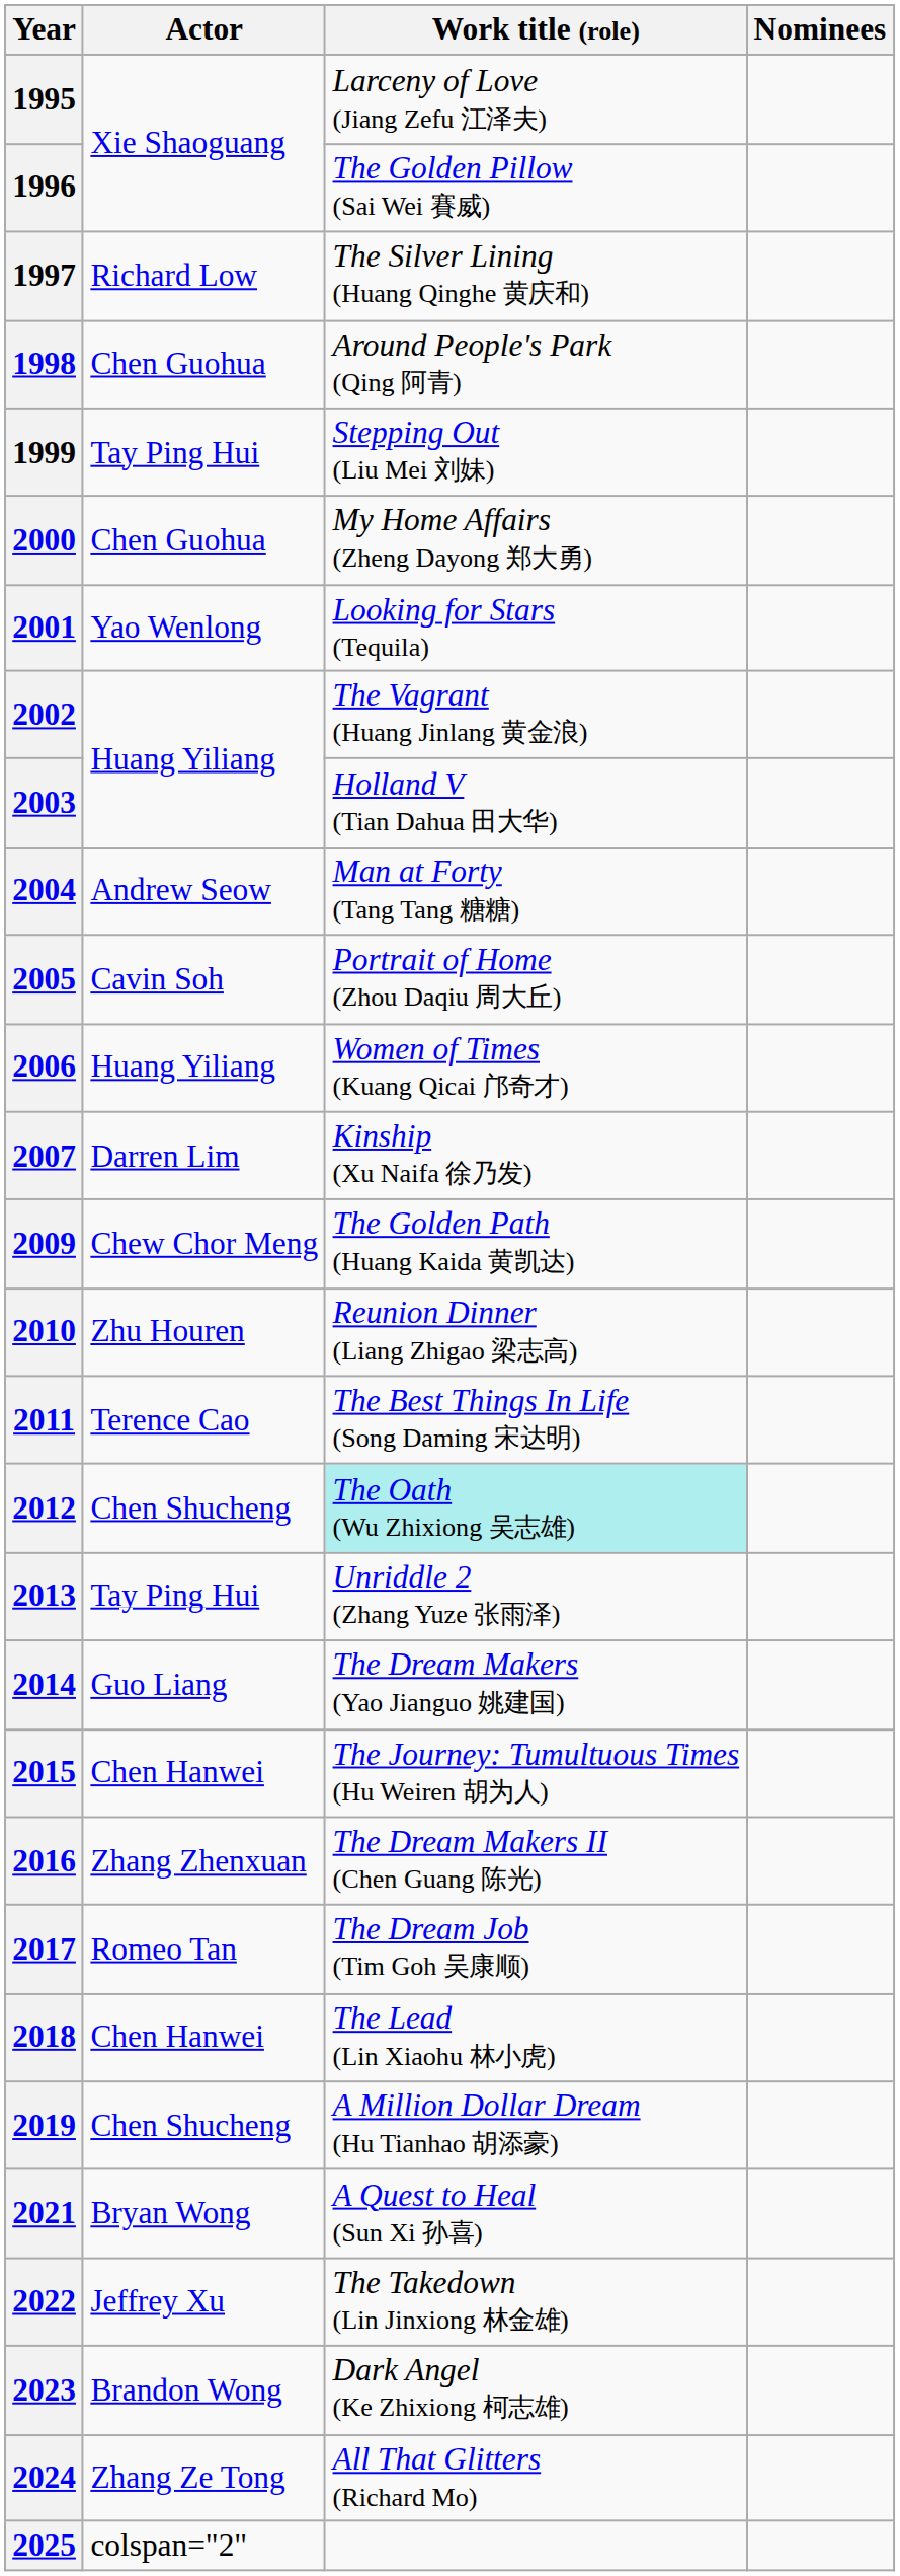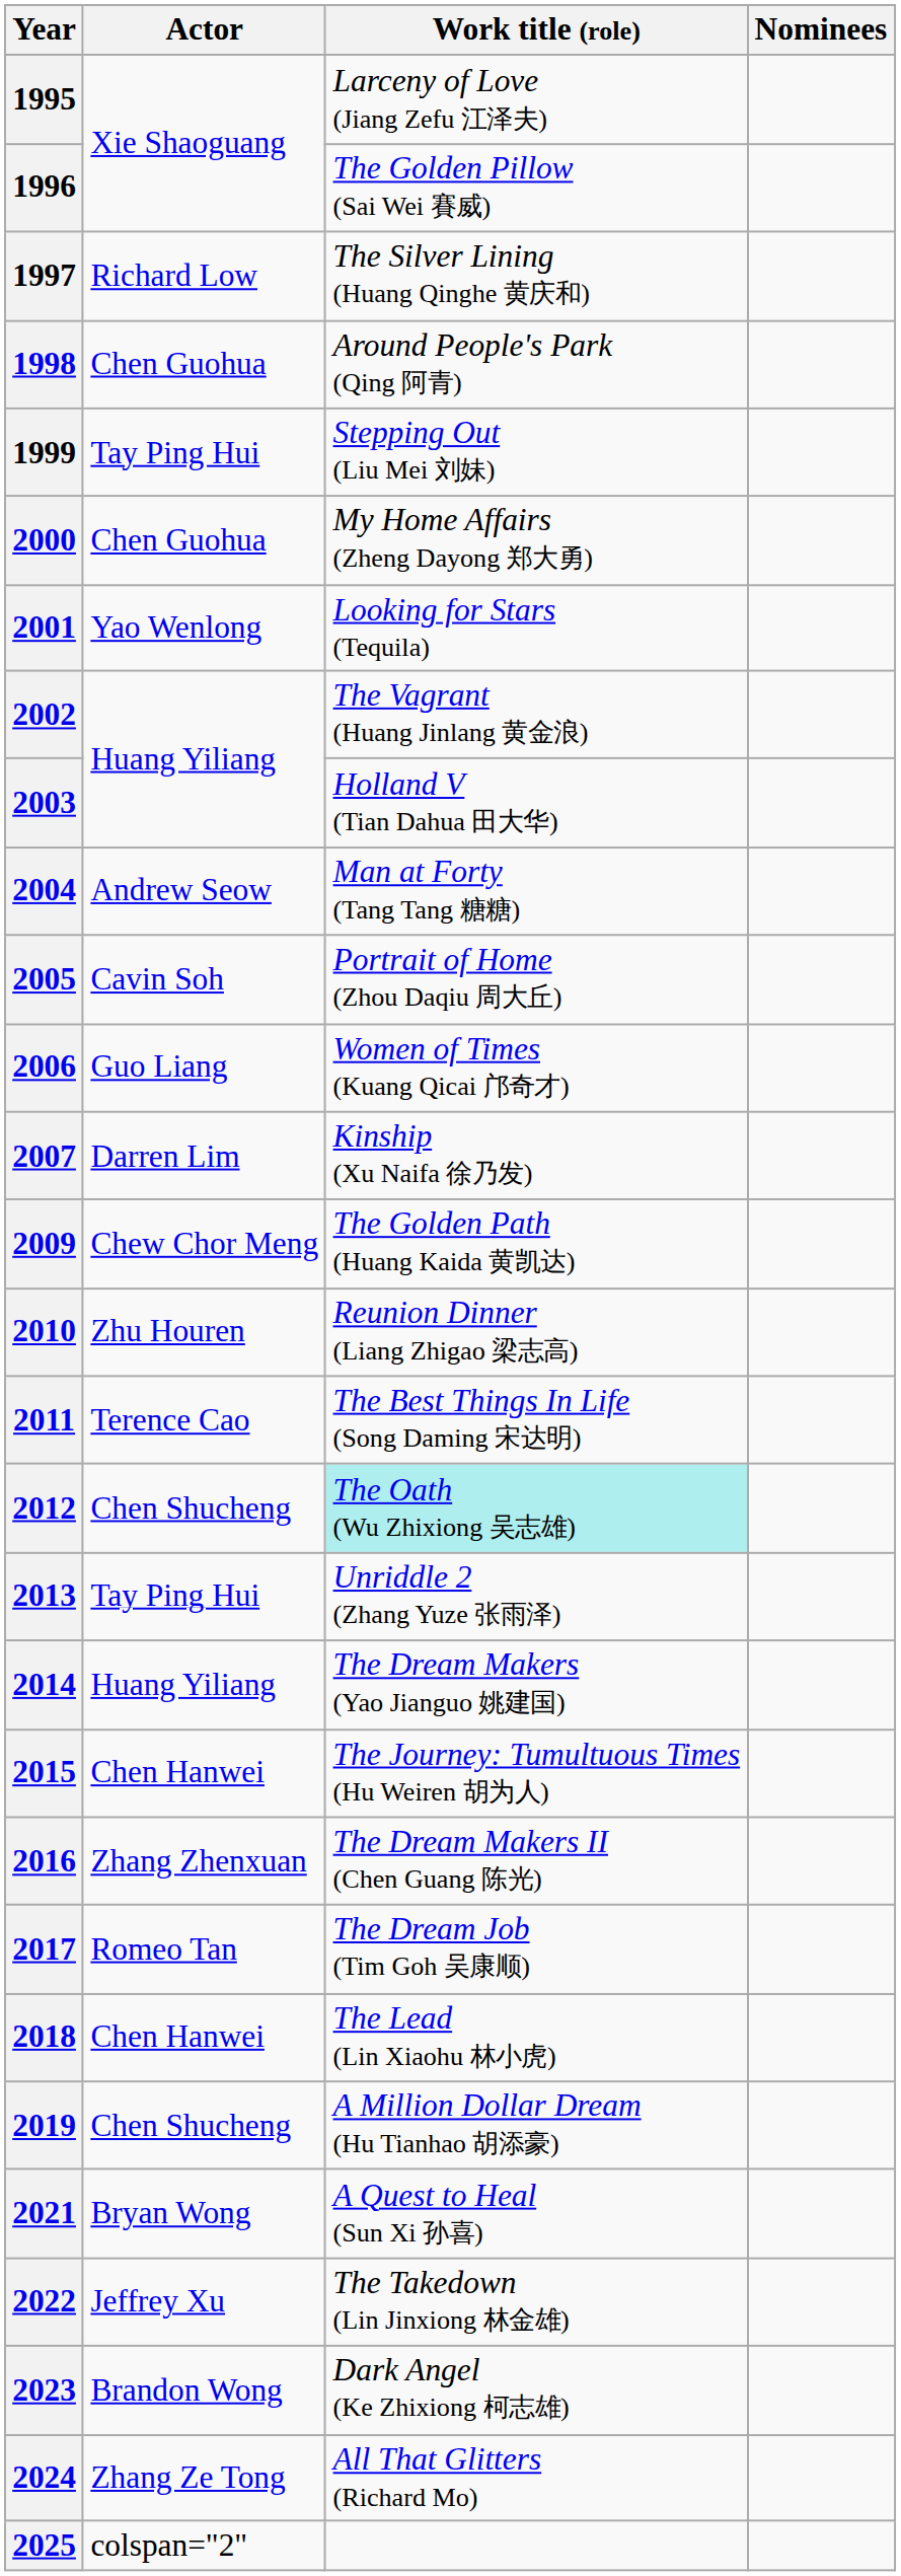 <table class="wikitable sortable">
 <tr>
 <th>Year</th>
 <th>Actor</th>
 <th>Work title <small>(role)</small></th>
 <th>Nominees</th>
 </tr>
 <tr>
 <th scope="row">1995</th>
 <td rowspan=2><a href='#'>Xie Shaoguang</a></td>
 <td><em>Larceny of Love </em><br><small>(Jiang Zefu 江泽夫)</small></td>
 <td></td>
 </tr>
 <tr>
 <th scope="row">1996</th>
 <td><em><a href='#'>The Golden Pillow</a> </em><br><small>(Sai Wei 賽威)</small></td>
 <td></td>
 </tr>
 <tr>
 <th scope="row">1997</th>
 <td><a href='#'>Richard Low</a></td>
 <td><em>The Silver Lining </em><br><small>(Huang Qinghe 黄庆和)</small></td>
 <td></td>
 </tr>
 <tr>
 <th scope="row"><a href='#'>1998</a></th>
 <td><a href='#'>Chen Guohua</a></td>
 <td><em>Around People's Park </em><br><small>(Qing 阿青)</small></td>
 <td></td>
 </tr>
 <tr>
 <th scope="row">1999</th>
 <td><a href='#'>Tay Ping Hui</a></td>
 <td><em><a href='#'>Stepping Out</a></em><br><small>(Liu Mei 刘妹)</small></td>
 <td></td>
 </tr>
 <tr>
 <th scope="row"><a href='#'>2000</a></th>
 <td><a href='#'>Chen Guohua</a></td>
 <td><em>My Home Affairs </em><br><small>(Zheng Dayong 郑大勇)</small></td>
 <td></td>
 </tr>
 <tr>
 <th scope="row"><a href='#'>2001</a></th>
 <td><a href='#'>Yao Wenlong</a></td>
 <td><em><a href='#'>Looking for Stars</a> </em><br><small>(Tequila)</small></td>
 <td></td>
 </tr>
 <tr>
 <th scope="row"><a href='#'>2002</a></th>
 <td rowspan=2><a href='#'>Huang Yiliang</a></td>
 <td><em><a href='#'>The Vagrant</a> </em><br><small>(Huang Jinlang 黄金浪)</small></td>
 <td></td>
 </tr>
 <tr>
 <th scope="row"><a href='#'>2003</a></th>
 <td><em><a href='#'>Holland V</a> </em><br><small>(Tian Dahua 田大华)</small></td>
 <td></td>
 </tr>
 <tr>
 <th scope="row"><a href='#'>2004</a></th>
 <td><a href='#'>Andrew Seow</a></td>
 <td><em><a href='#'>Man at Forty</a></em><br><small>(Tang Tang 糖糖)</small></td>
 <td></td>
 </tr>
 <tr>
 <th scope="row"><a href='#'>2005</a></th>
 <td><a href='#'>Cavin Soh</a></td>
 <td><em><a href='#'>Portrait of Home</a> </em><br><small>(Zhou Daqiu 周大丘)</small></td>
 <td></td>
 </tr>
 <tr>
 <th scope="row"><a href='#'>2006</a></th>
-<td><a href='#'>Huang Yiliang</a></td>
+<td><a href='#'>Guo Liang</a></td>
 <td><em><a href='#'>Women of Times</a> </em><br><small>(Kuang Qicai 邝奇才)</small></td>
 <td></td>
 </tr>
 <tr>
 <th scope="row"><a href='#'>2007</a></th>
 <td><a href='#'>Darren Lim</a></td>
 <td><em><a href='#'>Kinship</a> </em><br><small>(Xu Naifa 徐乃发)</small></td>
 <td></td>
 </tr>
 <tr>
 <th scope="row"><a href='#'>2009</a></th>
 <td><a href='#'>Chew Chor Meng</a></td>
 <td><em><a href='#'>The Golden Path</a> </em><br><small>(Huang Kaida 黄凯达)</small></td>
 <td></td>
 </tr>
 <tr>
 <th scope="row"><a href='#'>2010</a></th>
 <td><a href='#'>Zhu Houren</a></td>
 <td><em><a href='#'>Reunion Dinner</a> </em><br><small>(Liang Zhigao 梁志高)</small></td>
 <td></td>
 </tr>
 <tr>
 <th scope="row"><a href='#'>2011</a></th>
 <td><a href='#'>Terence Cao</a></td>
 <td><em><a href='#'>The Best Things In Life</a> </em><br><small>(Song Daming 宋达明)</small></td>
 <td></td>
 </tr>
 <tr>
 <th scope="row"><a href='#'>2012</a></th>
 <td><a href='#'>Chen Shucheng</a></td>
 <td style="background: paleturquoise;"><em><a href='#'>The Oath</a></em><br><small>(Wu Zhixiong 吴志雄)</small></td>
 <td></td>
 </tr>
 <tr>
 <th scope="row"><a href='#'>2013</a></th>
 <td><a href='#'>Tay Ping Hui</a></td>
 <td><em><a href='#'>Unriddle 2</a> </em><br><small>(Zhang Yuze 张雨泽)</small></td>
 <td></td>
 </tr>
 <tr>
 <th scope="row"><a href='#'>2014</a></th>
-<td><a href='#'>Guo Liang</a></td>
+<td><a href='#'>Huang Yiliang</a></td>
 <td><em><a href='#'>The Dream Makers</a> </em><br><small>(Yao Jianguo 姚建国)</small></td>
 <td></td>
 </tr>
 <tr>
 <th scope="row"><a href='#'>2015</a></th>
 <td><a href='#'>Chen Hanwei</a></td>
 <td><em><a href='#'>The Journey: Tumultuous Times</a></em><br><small>(Hu Weiren 胡为人)</small></td>
 <td></td>
 </tr>
 <tr>
 <th scope="row"><a href='#'>2016</a></th>
 <td><a href='#'>Zhang Zhenxuan</a></td>
 <td><em><a href='#'>The Dream Makers II</a> </em><br><small>(Chen Guang 陈光)</small></td>
 <td></td>
 </tr>
 <tr>
 <th scope="row"><a href='#'>2017</a></th>
 <td><a href='#'>Romeo Tan</a></td>
 <td><em><a href='#'>The Dream Job</a> </em><br><small>(Tim Goh 吴康顺)</small></td>
 <td></td>
 </tr>
 <tr>
 <th scope="row"><a href='#'>2018</a></th>
 <td><a href='#'>Chen Hanwei</a></td>
 <td><em><a href='#'>The Lead</a></em><br><small>(Lin Xiaohu 林小虎)</small></td>
 <td></td>
 </tr>
 <tr>
 <th scope="row"><a href='#'>2019</a></th>
 <td><a href='#'>Chen Shucheng</a></td>
 <td><em><a href='#'>A Million Dollar Dream</a></em><br><small>(Hu Tianhao 胡添豪)</small></td>
 <td></td>
 </tr>
 <tr>
 <th scope="row"><a href='#'>2021</a></th>
 <td><a href='#'>Bryan Wong</a></td>
 <td><em><a href='#'>A Quest to Heal</a> </em><br><small>(Sun Xi 孙喜)</small></td>
 <td></td>
 </tr>
 <tr>
 <th scope="row"><a href='#'>2022</a></th>
 <td><a href='#'>Jeffrey Xu</a></td>
 <td><em>The Takedown </em><br><small>(Lin Jinxiong 林金雄)</small></td>
 <td></td>
 </tr>
 <tr>
 <th scope="row"><a href='#'>2023</a></th>
 <td><a href='#'>Brandon Wong</a></td>
 <td><em>Dark Angel</em><br><small>(Ke Zhixiong 柯志雄)</small></td>
 <td></td>
 </tr>
 <tr>
 <th scope="row"><a href='#'>2024</a></th>
 <td><a href='#'>Zhang Ze Tong</a></td>
 <td><em><a href='#'>All That Glitters</a></em><br><small>(Richard Mo)</small></td>
 <td></td>
 </tr>
 <tr>
 <th scope="row"><a href='#'>2025</a></th>
 <td>colspan="2" </td>
 <td></td>
 </tr>
 </table>
